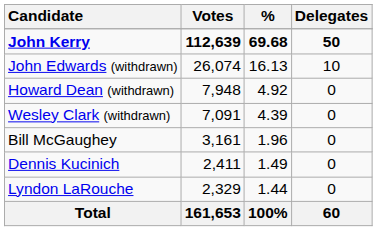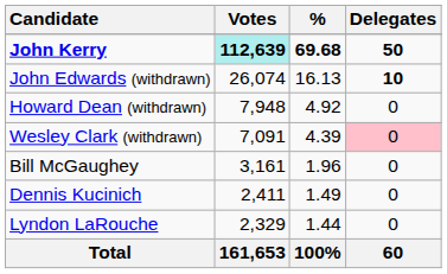 <table class="wikitable sortable plainrowheaders" style="text-align:right;">
 <tr>
 <th style="text-align:left;">Candidate</th>
 <th>Votes</th>
 <th>%</th>
 <th>Delegates</th>
 </tr>
 <tr>
 </tr>
 <tr>
 <td style="text-align:left;"><strong><a href='#'>John Kerry</a></strong></td>
-<td><strong>112,639</strong></td>
+<td style="background: paleturquoise;"><strong>112,639</strong></td>
 <td><strong>69.68</strong></td>
 <td style="text-align:center;"><strong>50</strong></td>
 </tr>
 <tr>
 <td style="text-align:left;"><a href='#'>John Edwards</a> <small>(withdrawn)</small></td>
 <td>26,074</td>
 <td>16.13</td>
-<td style="text-align:center;">10</td>
+<td style="text-align:center;"><strong>10</strong></td>
 </tr>
 <tr>
 <td style="text-align:left;"><a href='#'>Howard Dean</a> <small>(withdrawn)</small></td>
 <td>7,948</td>
 <td>4.92</td>
 <td style="text-align:center;">0</td>
 </tr>
 <tr>
 <td style="text-align:left;"><a href='#'>Wesley Clark</a> <small>(withdrawn)</small></td>
 <td>7,091</td>
 <td>4.39</td>
-<td style="text-align:center;">0</td>
+<td style="background: pink; text-align:center;">0</td>
 </tr>
 <tr>
 <td style="text-align:left;">Bill McGaughey</td>
 <td>3,161</td>
 <td>1.96</td>
 <td style="text-align:center;">0</td>
 </tr>
 <tr>
 <td style="text-align:left;"><a href='#'>Dennis Kucinich</a></td>
 <td>2,411</td>
 <td>1.49</td>
 <td style="text-align:center;">0</td>
 </tr>
 <tr>
 <td style="text-align:left;"><a href='#'>Lyndon LaRouche</a></td>
 <td>2,329</td>
 <td>1.44</td>
 <td style="text-align:center;">0</td>
 </tr>
 <tr class="sortbottom">
 <th>Total</th>
 <th>161,653</th>
 <th>100%</th>
 <th>60</th>
 </tr>
 </table>
